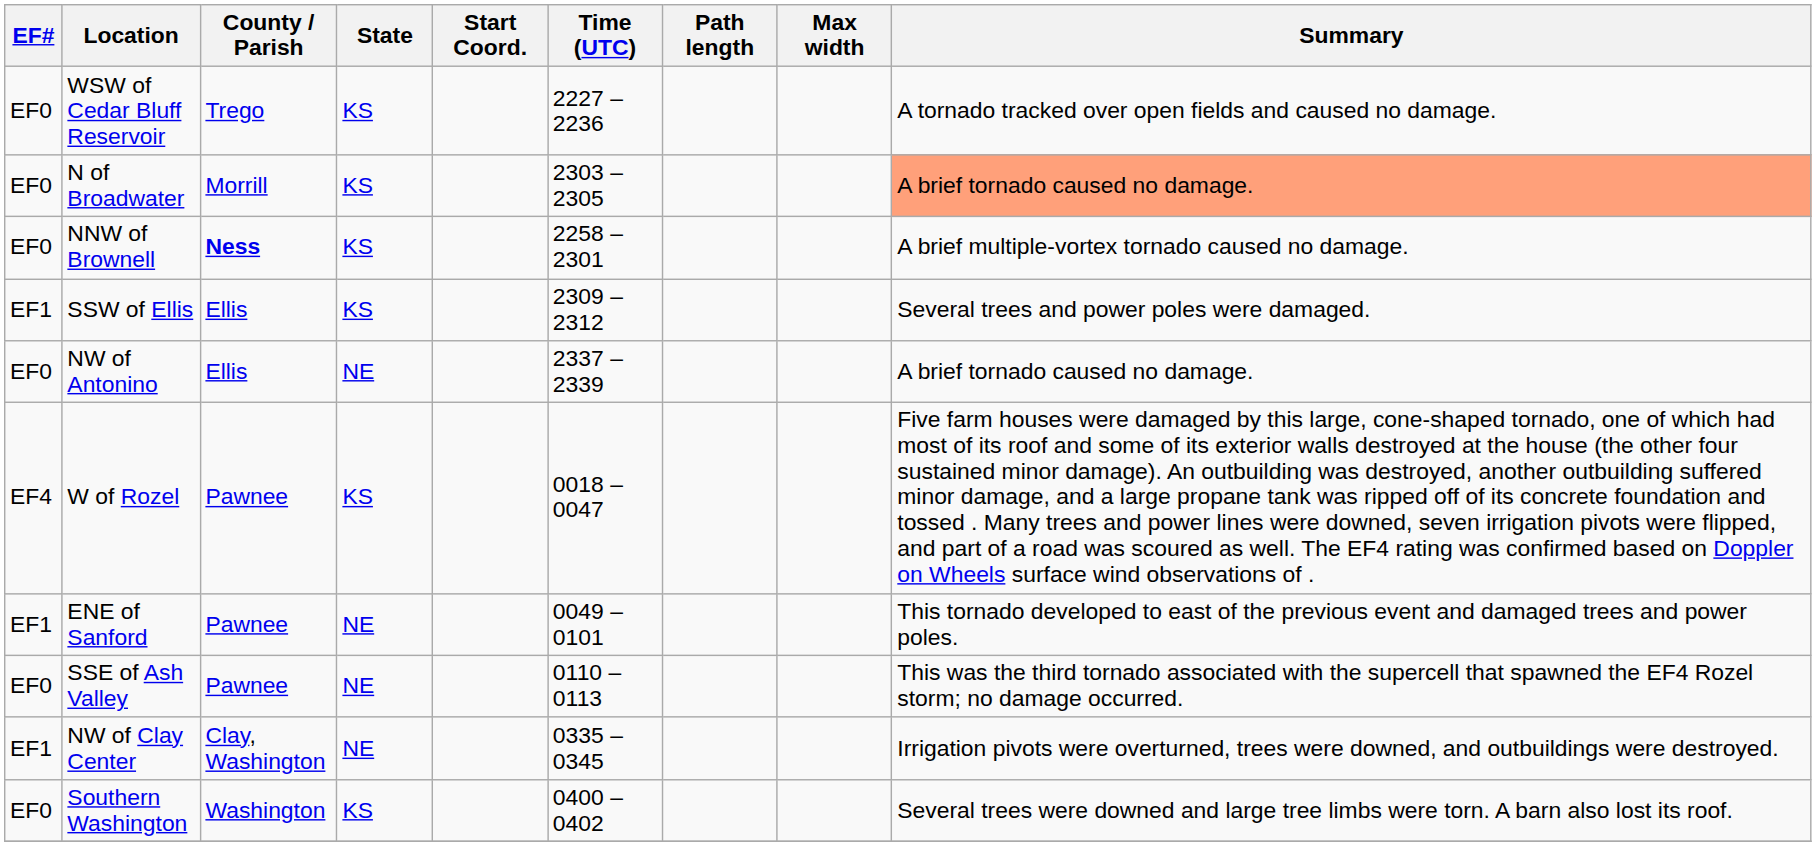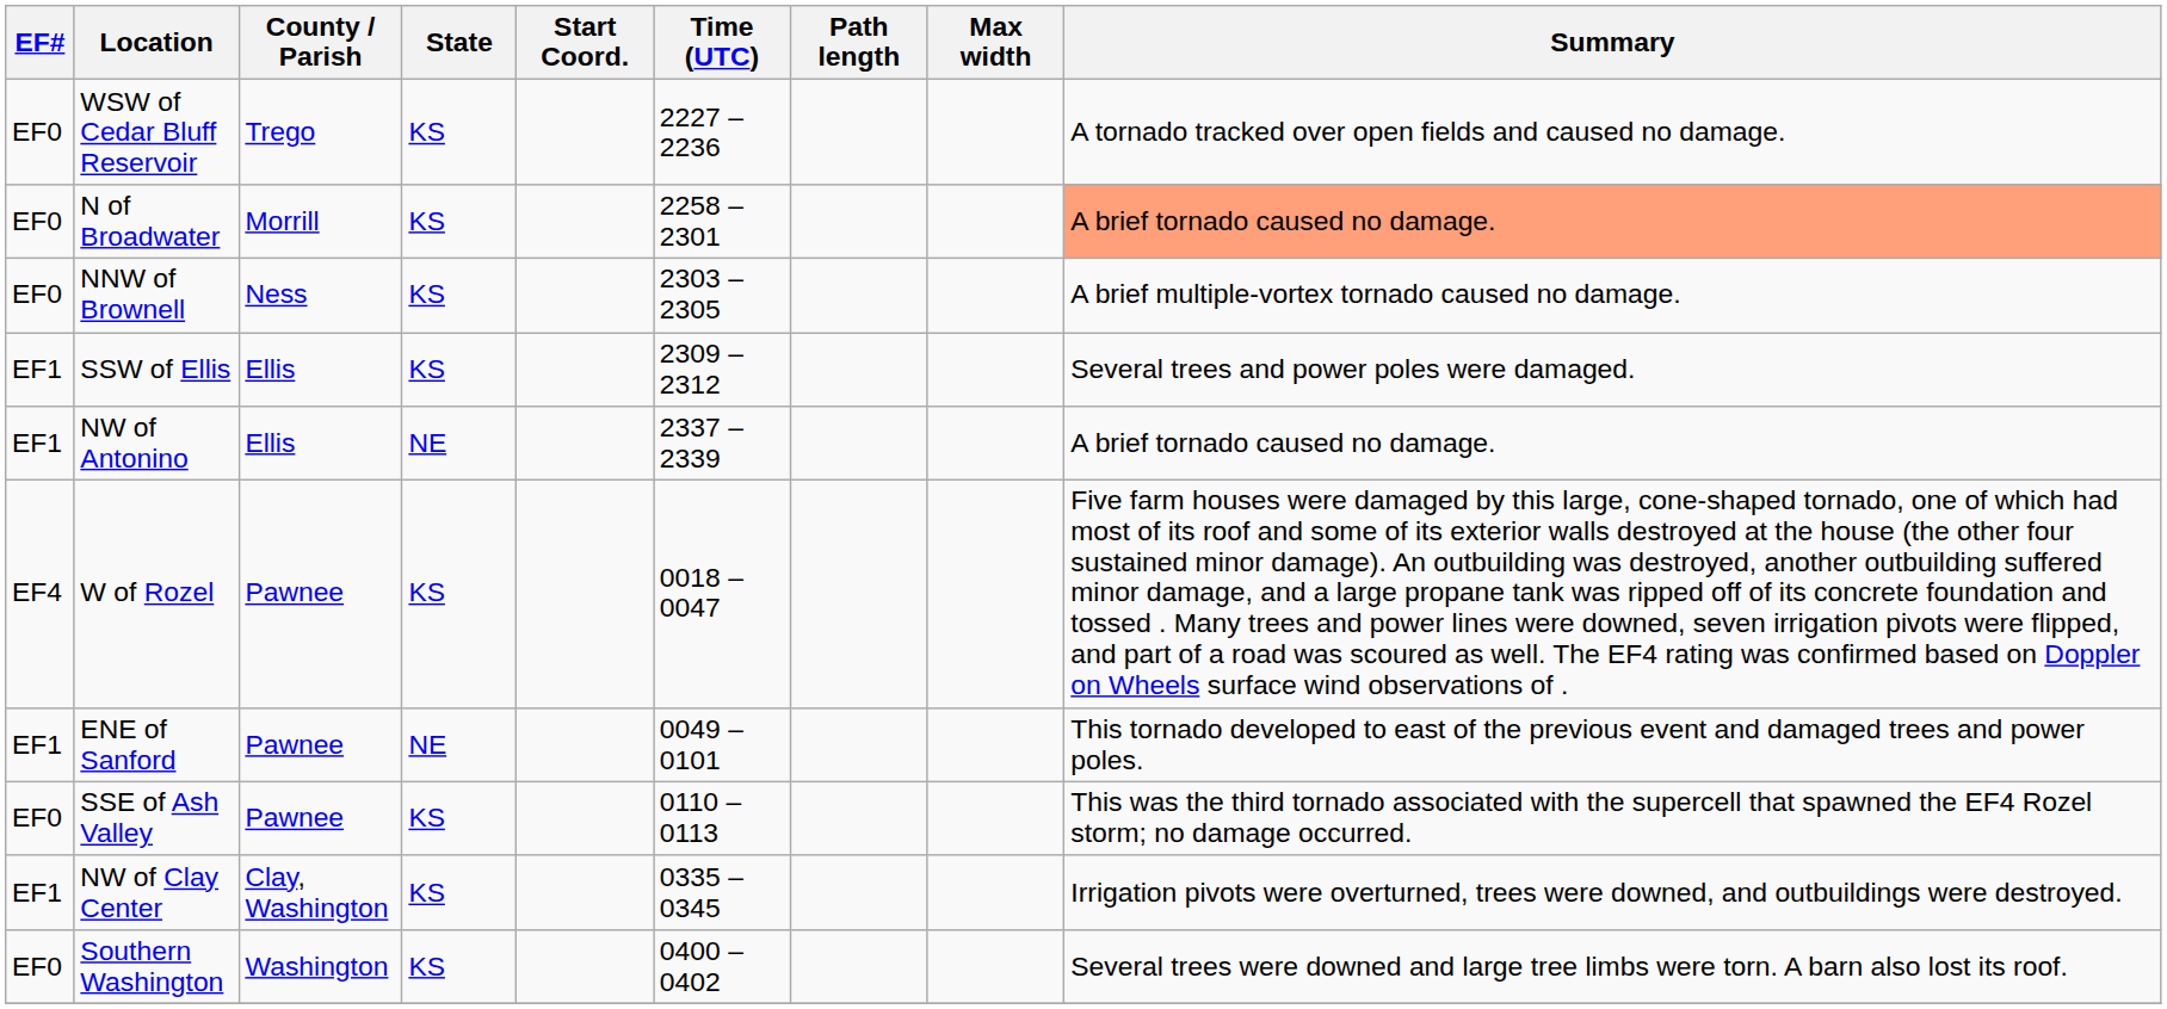 <table class="wikitable sortable" style="width:100%;">
 <tr>
 <th scope="col" width="3%" align="center"><a href='#'>EF#</a></th>
 <th scope="col" width="7%" align="center" class="unsortable">Location</th>
 <th scope="col" width="6%" align="center" class="unsortable">County / Parish</th>
 <th scope="col" width="5%" align="center">State</th>
 <th scope="col" width="6%" align="center">Start Coord.</th>
 <th scope="col" width="6%" align="center">Time (<a href='#'>UTC</a>)</th>
 <th scope="col" width="6%" align="center">Path length</th>
 <th scope="col" width="6%" align="center">Max width</th>
 <th scope="col" width="48%" class="unsortable" align="center">Summary</th>
 </tr>
 <tr>
 <td>EF0</td>
 <td>WSW of <a href='#'>Cedar Bluff Reservoir</a></td>
 <td><a href='#'>Trego</a></td>
 <td><a href='#'>KS</a></td>
 <td></td>
 <td>2227 – 2236</td>
 <td></td>
 <td></td>
 <td>A tornado tracked over open fields and caused no damage.</td>
 </tr>
 <tr>
 <td>EF0</td>
 <td>N of <a href='#'>Broadwater</a></td>
 <td><a href='#'>Morrill</a></td>
 <td><a href='#'>KS</a></td>
 <td></td>
-<td>2303 – 2305</td>
+<td>2258 – 2301</td>
 <td></td>
 <td></td>
 <td style="background: lightsalmon;">A brief tornado caused no damage.</td>
 </tr>
 <tr>
 <td>EF0</td>
 <td>NNW of <a href='#'>Brownell</a></td>
-<td><strong><a href='#'>Ness</a></strong></td>
+<td><a href='#'>Ness</a></td>
 <td><a href='#'>KS</a></td>
 <td></td>
-<td>2258 – 2301</td>
+<td>2303 – 2305</td>
 <td></td>
 <td></td>
 <td>A brief multiple-vortex tornado caused no damage.</td>
 </tr>
 <tr>
 <td>EF1</td>
 <td>SSW of <a href='#'>Ellis</a></td>
 <td><a href='#'>Ellis</a></td>
 <td><a href='#'>KS</a></td>
 <td></td>
 <td>2309 – 2312</td>
 <td></td>
 <td></td>
 <td>Several trees and power poles were damaged.</td>
 </tr>
 <tr>
-<td>EF0</td>
+<td>EF1</td>
 <td>NW of <a href='#'>Antonino</a></td>
 <td><a href='#'>Ellis</a></td>
 <td><a href='#'>NE</a></td>
 <td></td>
 <td>2337 – 2339</td>
 <td></td>
 <td></td>
 <td>A brief tornado caused no damage.</td>
 </tr>
 <tr>
 <td>EF4</td>
 <td>W of <a href='#'>Rozel</a></td>
 <td><a href='#'>Pawnee</a></td>
 <td><a href='#'>KS</a></td>
 <td></td>
 <td>0018 – 0047</td>
 <td></td>
 <td></td>
 <td>Five farm houses were damaged by this large, cone-shaped tornado, one of which had most of its roof and some of its exterior walls destroyed at the house (the other four sustained minor damage). An outbuilding was destroyed, another outbuilding suffered minor damage, and a large  propane tank was ripped off of its concrete foundation and tossed . Many trees and power lines were downed, seven irrigation pivots were flipped, and part of a road was scoured as well. The EF4 rating was confirmed based on <a href='#'>Doppler on Wheels</a> surface wind observations of .</td>
 </tr>
 <tr>
 <td>EF1</td>
 <td>ENE of <a href='#'>Sanford</a></td>
 <td><a href='#'>Pawnee</a></td>
 <td><a href='#'>NE</a></td>
 <td></td>
 <td>0049 – 0101</td>
 <td></td>
 <td></td>
 <td>This tornado developed to east of the previous event and damaged trees and power poles.</td>
 </tr>
 <tr>
 <td>EF0</td>
 <td>SSE of <a href='#'>Ash Valley</a></td>
 <td><a href='#'>Pawnee</a></td>
-<td><a href='#'>NE</a></td>
+<td><a href='#'>KS</a></td>
 <td></td>
 <td>0110 – 0113</td>
 <td></td>
 <td></td>
 <td>This was the third tornado associated with the supercell that spawned the EF4 Rozel storm; no damage occurred.</td>
 </tr>
 <tr>
 <td>EF1</td>
 <td>NW of <a href='#'>Clay Center</a></td>
 <td><a href='#'>Clay</a>, <a href='#'>Washington</a></td>
-<td><a href='#'>NE</a></td>
+<td><a href='#'>KS</a></td>
 <td></td>
 <td>0335 – 0345</td>
 <td></td>
 <td></td>
 <td>Irrigation pivots were overturned, trees were downed, and outbuildings were destroyed.</td>
 </tr>
 <tr>
 <td>EF0</td>
 <td><a href='#'>Southern Washington</a></td>
 <td><a href='#'>Washington</a></td>
 <td><a href='#'>KS</a></td>
 <td></td>
 <td>0400 – 0402</td>
 <td></td>
 <td></td>
 <td>Several trees were downed and large tree limbs were torn. A barn also lost its roof.</td>
 </tr>
 <tr>
 </tr>
 </table>
